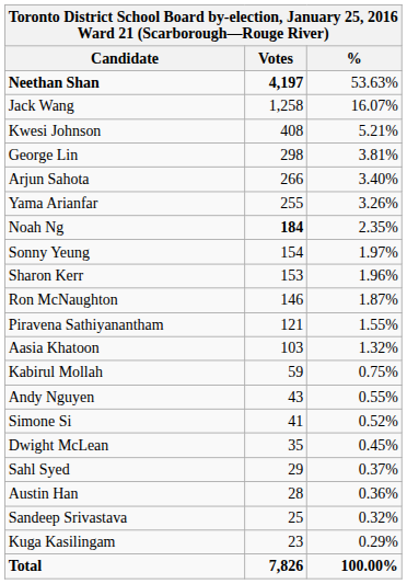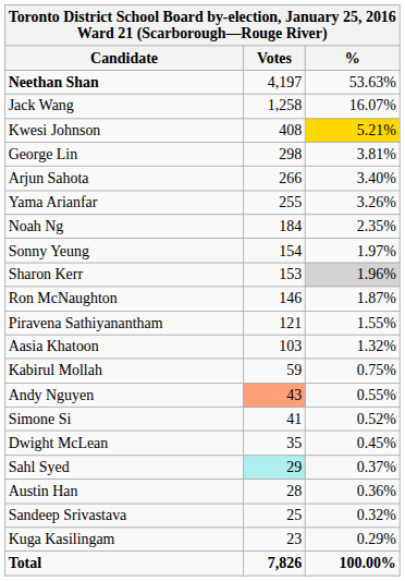 <table class="wikitable collapsible" border="1" style="text-align:right;">
 <tr>
 <th align=center colspan=3>Toronto District School Board by-election, January 25, 2016<br>Ward 21 (Scarborough—Rouge River)</th>
 </tr>
 <tr>
 <th align=left>Candidate</th>
 <th align=left>Votes</th>
 <th align=left>%</th>
 </tr>
 <tr>
 <td align=left><strong>Neethan Shan</strong></td>
-<td><strong>4,197</strong></td>
+<td>4,197</td>
 <td>53.63%</td>
 </tr>
 <tr>
 <td align=left>Jack Wang</td>
 <td>1,258</td>
 <td>16.07%</td>
 </tr>
 <tr>
 <td align=left>Kwesi Johnson</td>
 <td>408</td>
-<td>5.21%</td>
+<td style="background: gold;">5.21%</td>
 </tr>
 <tr>
 <td align=left>George Lin</td>
 <td>298</td>
 <td>3.81%</td>
 </tr>
 <tr>
 <td align=left>Arjun Sahota</td>
 <td>266</td>
 <td>3.40%</td>
 </tr>
 <tr>
 <td align=left>Yama Arianfar</td>
 <td>255</td>
 <td>3.26%</td>
 </tr>
 <tr>
 <td align=left>Noah Ng</td>
-<td><strong>184</strong></td>
+<td>184</td>
 <td>2.35%</td>
 </tr>
 <tr>
 <td align=left>Sonny Yeung</td>
 <td>154</td>
 <td>1.97%</td>
 </tr>
 <tr>
 <td align=left>Sharon Kerr</td>
 <td>153</td>
-<td>1.96%</td>
+<td style="background: lightgrey;">1.96%</td>
 </tr>
 <tr>
 <td align=left>Ron McNaughton</td>
 <td>146</td>
 <td>1.87%</td>
 </tr>
 <tr>
 <td align=left>Piravena Sathiyanantham</td>
 <td>121</td>
 <td>1.55%</td>
 </tr>
 <tr>
 <td align=left>Aasia Khatoon</td>
 <td>103</td>
 <td>1.32%</td>
 </tr>
 <tr>
 <td align=left>Kabirul Mollah</td>
 <td>59</td>
 <td>0.75%</td>
 </tr>
 <tr>
 <td align=left>Andy Nguyen</td>
-<td>43</td>
+<td style="background: lightsalmon;">43</td>
 <td>0.55%</td>
 </tr>
 <tr>
 <td align=left>Simone Si</td>
 <td>41</td>
 <td>0.52%</td>
 </tr>
 <tr>
 <td align=left>Dwight McLean</td>
 <td>35</td>
 <td>0.45%</td>
 </tr>
 <tr>
 <td align=left>Sahl Syed</td>
-<td>29</td>
+<td style="background: paleturquoise;">29</td>
 <td>0.37%</td>
 </tr>
 <tr>
 <td align=left>Austin Han</td>
 <td>28</td>
 <td>0.36%</td>
 </tr>
 <tr>
 <td align=left>Sandeep Srivastava</td>
 <td>25</td>
 <td>0.32%</td>
 </tr>
 <tr>
 <td align=left>Kuga Kasilingam</td>
 <td>23</td>
 <td>0.29%</td>
 </tr>
 <tr style="font-weight:bold">
 <td align=left>Total</td>
 <td>7,826</td>
 <td>100.00%</td>
 </tr>
 </table>
